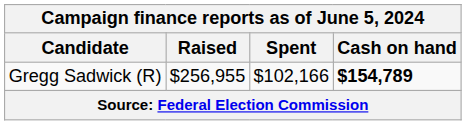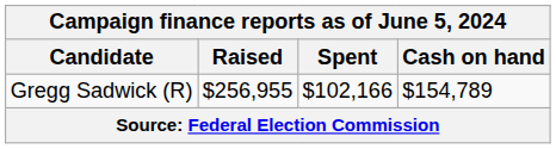 <table class="wikitable sortable">
 <tr>
 <th colspan=4>Campaign finance reports as of June 5, 2024</th>
 </tr>
 <tr style="text-align:center;">
 <th>Candidate</th>
 <th>Raised</th>
 <th>Spent</th>
 <th>Cash on hand</th>
 </tr>
 <tr>
 <td>Gregg Sadwick (R)</td>
 <td>$256,955</td>
 <td>$102,166</td>
-<td><strong>$154,789</strong></td>
+<td>$154,789</td>
 </tr>
 <tr>
 <th colspan="4"><small>Source: <a href='#'>Federal Election Commission</a></small></th>
 </tr>
 </table>
